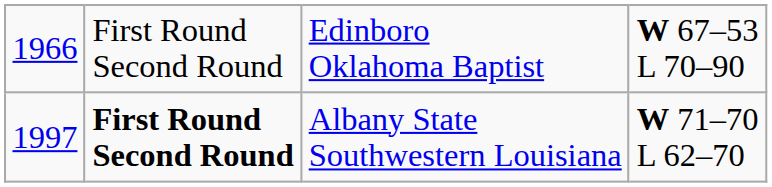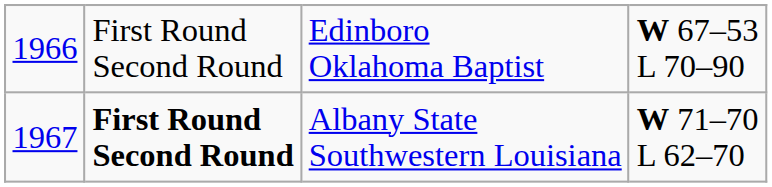 <table class="wikitable">
 <tr>
 <td><a href='#'>1966</a></td>
 <td>First Round<br>Second Round</td>
 <td><a href='#'>Edinboro</a><br><a href='#'>Oklahoma Baptist</a></td>
 <td><strong>W</strong> 67–53<br>L 70–90</td>
 </tr>
 <tr>
-<td><a href='#'>1997</a></td>
+<td><a href='#'>1967</a></td>
 <td><strong>First Round<br>Second Round</strong></td>
 <td><a href='#'>Albany State</a><br><a href='#'>Southwestern Louisiana</a></td>
 <td><strong>W</strong> 71–70<br>L 62–70</td>
 </tr>
 </table>
